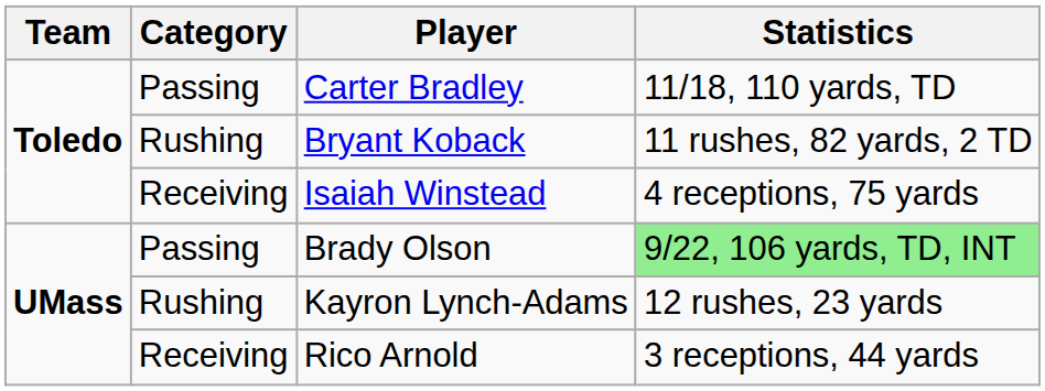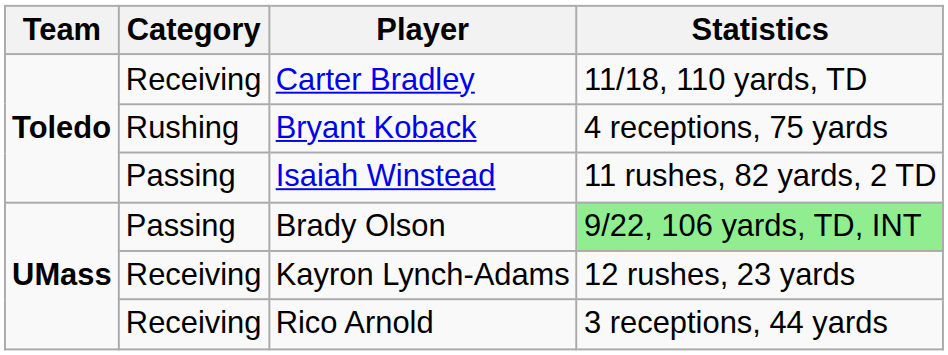 <table class="wikitable" style="float: left;">
 <tr>
 <th>Team</th>
 <th>Category</th>
 <th>Player</th>
 <th>Statistics</th>
 </tr>
 <tr>
 <td rowspan=3><strong>Toledo</strong></td>
-<td>Passing</td>
+<td>Receiving</td>
 <td><a href='#'>Carter Bradley</a></td>
 <td>11/18, 110 yards, TD</td>
 </tr>
 <tr>
 <td>Rushing</td>
 <td><a href='#'>Bryant Koback</a></td>
-<td>11 rushes, 82 yards, 2 TD</td>
+<td>4 receptions, 75 yards</td>
 </tr>
 <tr>
-<td>Receiving</td>
+<td>Passing</td>
 <td><a href='#'>Isaiah Winstead</a></td>
-<td>4 receptions, 75 yards</td>
+<td>11 rushes, 82 yards, 2 TD</td>
 </tr>
 <tr>
 <td rowspan=3><strong>UMass</strong></td>
 <td>Passing</td>
 <td>Brady Olson</td>
 <td style="background: lightgreen;">9/22, 106 yards, TD, INT</td>
 </tr>
 <tr>
-<td>Rushing</td>
+<td>Receiving</td>
 <td>Kayron Lynch-Adams</td>
 <td>12 rushes, 23 yards</td>
 </tr>
 <tr>
 <td>Receiving</td>
 <td>Rico Arnold</td>
 <td>3 receptions, 44 yards</td>
 </tr>
 </table>
